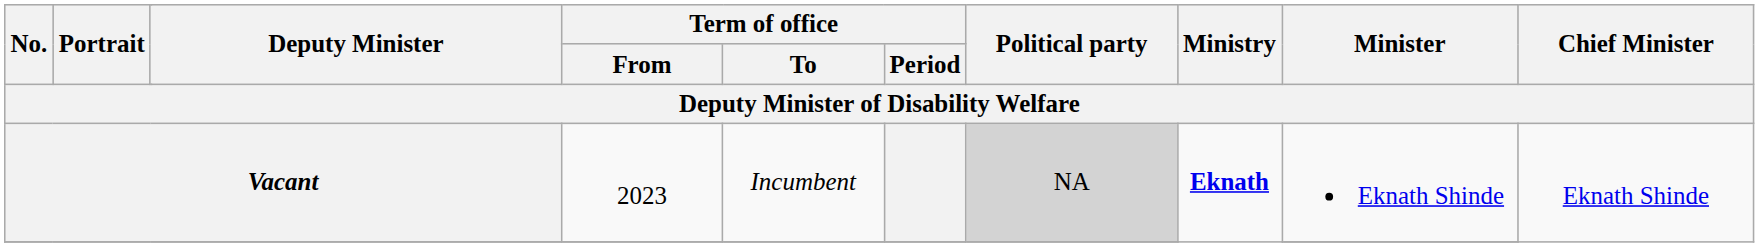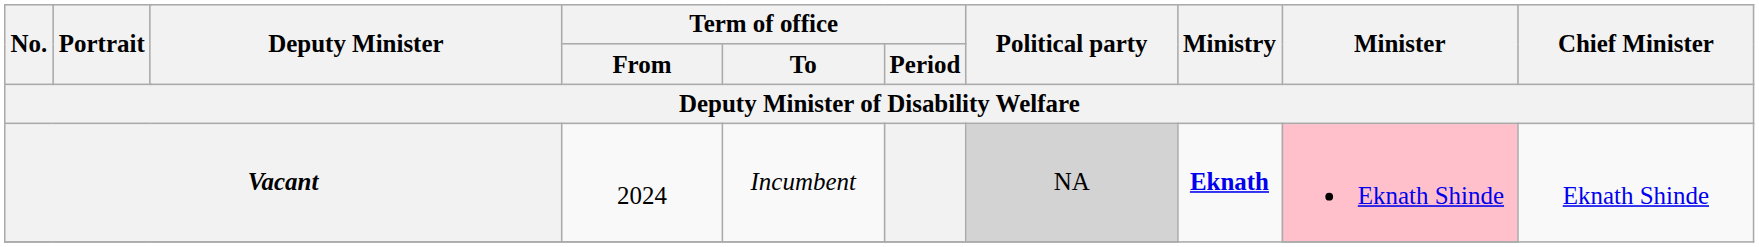 <table class="wikitable" style="text-align:center">
 <tr>
 <th rowspan="2">No.</th>
 <th rowspan="2" colspan="2">Portrait</th>
 <th rowspan="2" style="width:16em">Deputy Minister<br></th>
 <th colspan="3">Term of office</th>
 <th rowspan="2" style="width:8em">Political party</th>
 <th rowspan="2">Ministry</th>
 <th rowspan="2" style="width:9em">Minister</th>
 <th rowspan="2" style="width:9em">Chief Minister</th>
 </tr>
 <tr>
 <th style="width:6em">From</th>
 <th style="width:6em">To</th>
 <th>Period</th>
 </tr>
 <tr>
 <th colspan="11">Deputy Minister of Disability Welfare</th>
 </tr>
 <tr>
 <th colspan="04"><strong><em>Vacant</em></strong></th>
-<td><br>2023</td>
+<td><br>2024</td>
 <td><em>Incumbent</em></td>
 <th></th>
 <td style="background: lightgrey;">NA</td>
 <td rowspan="2"><a href='#'><strong>Eknath</strong></a></td>
-<td><br><ul><li><a href='#'>Eknath Shinde</a></li></ul></td>
+<td style="background: pink;"><br><ul><li><a href='#'>Eknath Shinde</a></li></ul></td>
 <td rowspan="2"> <br><a href='#'>Eknath Shinde</a></td>
 </tr>
 <tr>
 </tr>
 </table>
